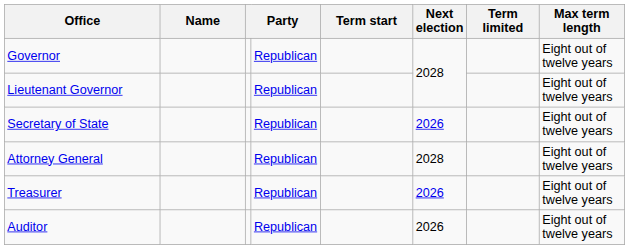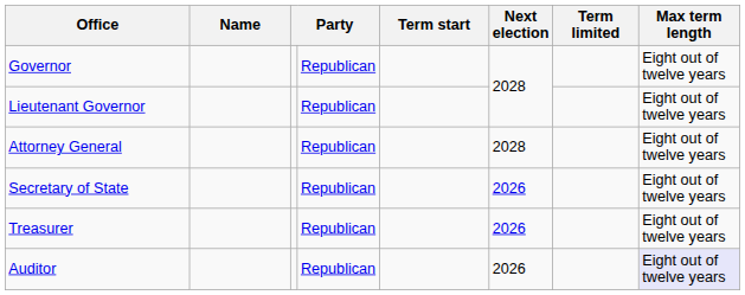 <table class="sortable wikitable">
 <tr>
 <th scope="col" width=190>Office</th>
 <th scope="col" width=100>Name</th>
 <th scope="col" width=75 colspan=2>Party</th>
 <th scope="col" width=110>Term start</th>
 <th scope="col" width=50>Next election</th>
 <th scope="col" width=85>Term limited</th>
 <th scope="col" width=100>Max term length</th>
 </tr>
 <tr>
 <td><a href='#'>Governor</a></td>
 <td></td>
 <td style="background-color:"></td>
 <td><a href='#'>Republican</a></td>
 <td></td>
 <td rowspan=2>2028</td>
 <td></td>
 <td>Eight out of twelve years</td>
 </tr>
 <tr>
 <td><a href='#'>Lieutenant Governor</a></td>
 <td></td>
 <td style="background-color:"></td>
 <td><a href='#'>Republican</a></td>
 <td></td>
 <td></td>
 <td>Eight out of twelve years</td>
 </tr>
 <tr>
+<td><a href='#'>Attorney General</a></td>
+<td></td>
+<td style="background-color:"></td>
+<td><a href='#'>Republican</a></td>
+<td></td>
+<td>2028</td>
+<td></td>
+<td>Eight out of twelve years</td>
+</tr>
+<tr>
 <td><a href='#'>Secretary of State</a></td>
 <td></td>
 <td style="background-color:"></td>
 <td><a href='#'>Republican</a></td>
 <td></td>
 <td><a href='#'>2026</a></td>
-<td></td>
-<td>Eight out of twelve years</td>
-</tr>
-<tr>
-<td><a href='#'>Attorney General</a></td>
-<td></td>
-<td style="background-color:"></td>
-<td><a href='#'>Republican</a></td>
-<td></td>
-<td>2028</td>
 <td></td>
 <td>Eight out of twelve years</td>
 </tr>
 <tr>
 <td><a href='#'>Treasurer</a></td>
 <td></td>
 <td style="background-color:"></td>
 <td><a href='#'>Republican</a></td>
 <td></td>
 <td><a href='#'>2026</a></td>
 <td></td>
 <td>Eight out of twelve years</td>
 </tr>
 <tr>
 <td><a href='#'>Auditor</a></td>
 <td></td>
 <td style="background-color:"></td>
 <td><a href='#'>Republican</a></td>
 <td></td>
 <td>2026</td>
 <td></td>
-<td>Eight out of twelve years</td>
+<td style="background: lavender;">Eight out of twelve years</td>
 </tr>
 </table>
